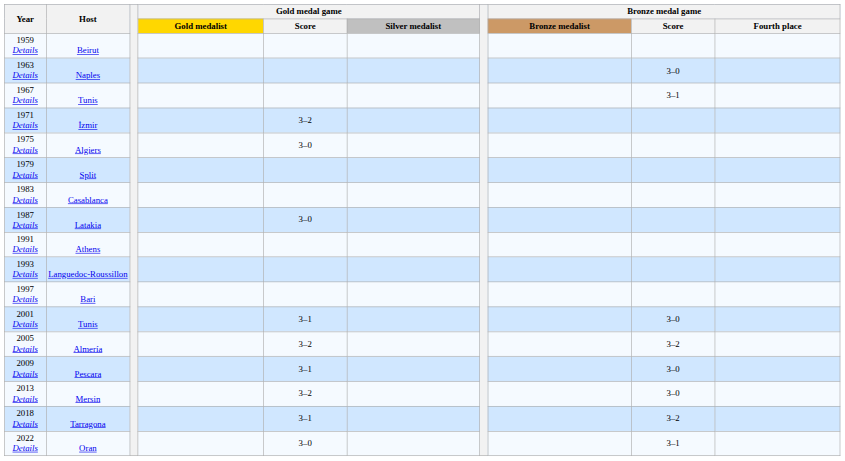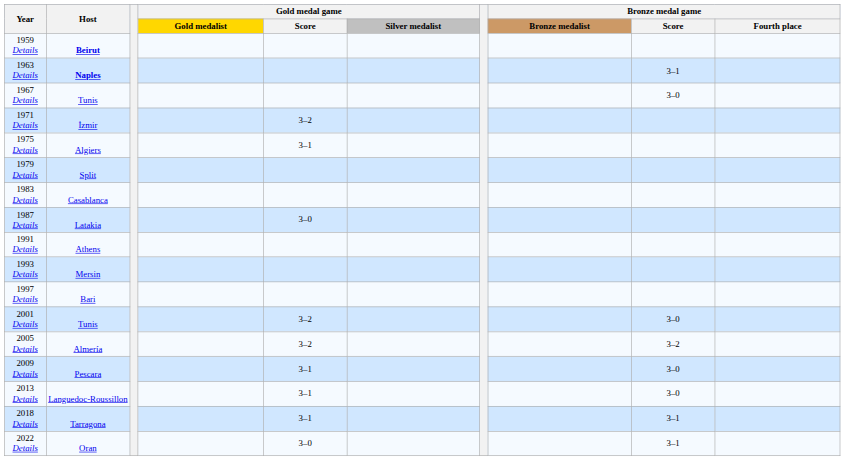 <table class=wikitable style="text-align:center; font-size:90%;">
 <tr bgcolor=#C1D8FF>
 <th rowspan=2 width=5%>Year</th>
 <th rowspan=2 width=10%>Host</th>
 <th width=1% rowspan=19 bgcolor=ffffff></th>
 <th colspan=3>Gold medal game</th>
 <th width=1% rowspan=19 bgcolor=ffffff></th>
 <th colspan=3>Bronze medal game</th>
 </tr>
 <tr bgcolor=#EFEFEF>
 <th style="background:gold; width=15%"> Gold medalist</th>
 <th width=10%>Score</th>
 <th style="background:silver; width=15%"> Silver medalist</th>
 <th style="background:#cc9966; width=15%"> Bronze medalist</th>
 <th width=10%>Score</th>
 <th width=15%>Fourth place</th>
 </tr>
 <tr bgcolor=#F5FAFF>
 <td>1959<br><em><a href='#'>Details</a></em></td>
-<td> <br><a href='#'>Beirut</a></td>
+<td><strong> <br><a href='#'>Beirut</a></strong></td>
 <td><strong></strong></td>
 <td></td>
 <td></td>
 <td></td>
 <td></td>
 <td></td>
 </tr>
 <tr bgcolor=#D0E7FF>
 <td>1963<br><em><a href='#'>Details</a></em></td>
-<td> <br><a href='#'>Naples</a></td>
+<td><strong> <br><a href='#'>Naples</a></strong></td>
 <td><strong></strong></td>
 <td></td>
 <td></td>
 <td></td>
-<td>3–0</td>
+<td>3–1</td>
 <td></td>
 </tr>
 <tr bgcolor=#F5FAFF>
 <td>1967<br><em><a href='#'>Details</a></em></td>
 <td> <br><a href='#'>Tunis</a></td>
 <td><strong></strong></td>
 <td></td>
 <td></td>
 <td></td>
-<td>3–1</td>
+<td>3–0</td>
 <td></td>
 </tr>
 <tr bgcolor=#D0E7FF>
 <td>1971<br><em><a href='#'>Details</a></em></td>
 <td> <br><a href='#'>İzmir</a></td>
 <td><strong></strong></td>
 <td>3–2</td>
 <td></td>
 <td></td>
 <td></td>
 <td></td>
 </tr>
 <tr bgcolor=#F5FAFF>
 <td>1975<br><em><a href='#'>Details</a></em></td>
 <td> <br><a href='#'>Algiers</a></td>
 <td><strong></strong></td>
-<td>3–0</td>
+<td>3–1</td>
 <td></td>
 <td></td>
 <td></td>
 <td></td>
 </tr>
 <tr bgcolor=#D0E7FF>
 <td>1979<br><em><a href='#'>Details</a></em></td>
 <td> <br><a href='#'>Split</a></td>
 <td><strong></strong></td>
 <td></td>
 <td></td>
 <td></td>
 <td></td>
 <td></td>
 </tr>
 <tr bgcolor=#F5FAFF>
 <td>1983<br><em><a href='#'>Details</a></em></td>
 <td> <br><a href='#'>Casablanca</a></td>
 <td><strong></strong></td>
 <td></td>
 <td></td>
 <td></td>
 <td></td>
 <td></td>
 </tr>
 <tr bgcolor=#D0E7FF>
 <td>1987<br><em><a href='#'>Details</a></em></td>
 <td> <br><a href='#'>Latakia</a></td>
 <td><strong></strong></td>
 <td>3–0</td>
 <td></td>
 <td></td>
 <td></td>
 <td></td>
 </tr>
 <tr bgcolor=#F5FAFF>
 <td>1991<br><em><a href='#'>Details</a></em></td>
 <td> <br><a href='#'>Athens</a></td>
 <td><strong></strong></td>
 <td></td>
 <td></td>
 <td></td>
 <td></td>
 <td></td>
 </tr>
 <tr bgcolor=#D0E7FF>
 <td>1993<br><em><a href='#'>Details</a></em></td>
-<td> <br><a href='#'>Languedoc-Roussillon</a></td>
+<td> <br><a href='#'>Mersin</a></td>
 <td><strong></strong></td>
 <td></td>
 <td></td>
 <td></td>
 <td></td>
 <td></td>
 </tr>
 <tr bgcolor=#F5FAFF>
 <td>1997<br><em><a href='#'>Details</a></em></td>
 <td> <br><a href='#'>Bari</a></td>
 <td><strong></strong></td>
 <td></td>
 <td></td>
 <td></td>
 <td></td>
 <td></td>
 </tr>
 <tr bgcolor=#D0E7FF>
 <td>2001<br><em><a href='#'>Details</a></em></td>
 <td> <br><a href='#'>Tunis</a></td>
 <td><strong></strong></td>
-<td>3–1</td>
+<td>3–2</td>
 <td></td>
 <td></td>
 <td>3–0</td>
 <td></td>
 </tr>
 <tr bgcolor=#F5FAFF>
 <td>2005 <br> <em><a href='#'>Details</a></em></td>
 <td> <br><a href='#'>Almería</a></td>
 <td><strong></strong></td>
 <td>3–2</td>
 <td></td>
 <td></td>
 <td>3–2</td>
 <td></td>
 </tr>
 <tr bgcolor=#D0E7FF>
 <td>2009<br><em><a href='#'>Details</a></em></td>
 <td> <br><a href='#'>Pescara</a></td>
 <td><strong></strong></td>
 <td>3–1</td>
 <td></td>
 <td></td>
 <td>3–0</td>
 <td></td>
 </tr>
 <tr bgcolor=#F5FAFF>
 <td>2013<br><em><a href='#'>Details</a></em></td>
-<td> <br><a href='#'>Mersin</a></td>
+<td> <br><a href='#'>Languedoc-Roussillon</a></td>
 <td><strong></strong></td>
-<td>3–2</td>
+<td>3–1</td>
 <td></td>
 <td></td>
 <td>3–0</td>
 <td></td>
 </tr>
 <tr bgcolor=#D0E7FF>
 <td>2018<br><em><a href='#'>Details</a></em></td>
 <td> <br><a href='#'>Tarragona</a></td>
 <td><strong></strong></td>
 <td>3–1</td>
 <td></td>
 <td></td>
-<td>3–2</td>
+<td>3–1</td>
 <td></td>
 </tr>
 <tr bgcolor=#F5FAFF>
 <td>2022<br><em><a href='#'>Details</a></em></td>
 <td> <br><a href='#'>Oran</a></td>
 <td><strong></strong></td>
 <td>3–0</td>
 <td></td>
 <td></td>
 <td>3–1</td>
 <td></td>
 </tr>
 </table>
